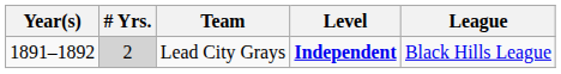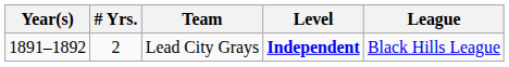 <table class="wikitable" style="text-align:center; font-size: 95%;">
 <tr>
 <th>Year(s)</th>
 <th># Yrs.</th>
 <th>Team</th>
 <th>Level</th>
 <th>League</th>
 </tr>
 <tr>
 <td>1891–1892</td>
-<td style="background: lightgrey;">2</td>
+<td>2</td>
 <td>Lead City Grays</td>
 <td><strong><a href='#'>Independent</a></strong></td>
 <td><a href='#'>Black Hills League</a></td>
 </tr>
 <tr>
 </tr>
 </table>
